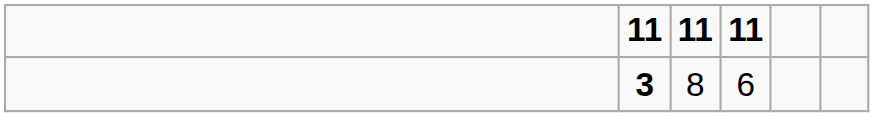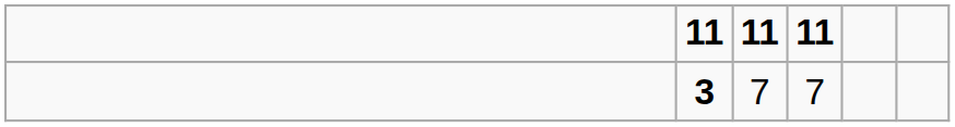 <table class="wikitable">
 <tr>
 <td style="width:18em"><strong></strong></td>
 <td align=center style="width:1em"><strong>11</strong></td>
 <td align=center style="width:1em"><strong>11</strong></td>
 <td align=center style="width:1em"><strong>11</strong></td>
 <td align=center style="width:1em"></td>
 <td align=center style="width:1em"></td>
 </tr>
 <tr>
 <td style="width:18em"></td>
 <td align=center style="width:1em"><strong>3</strong></td>
-<td align=center style="width:1em">8</td>
-<td align=center style="width:1em">6</td>
+<td align=center style="width:1em">7</td>
+<td align=center style="width:1em">7</td>
 <td align=center style="width:1em"></td>
 <td align=center style="width:1em"></td>
 </tr>
 </table>
